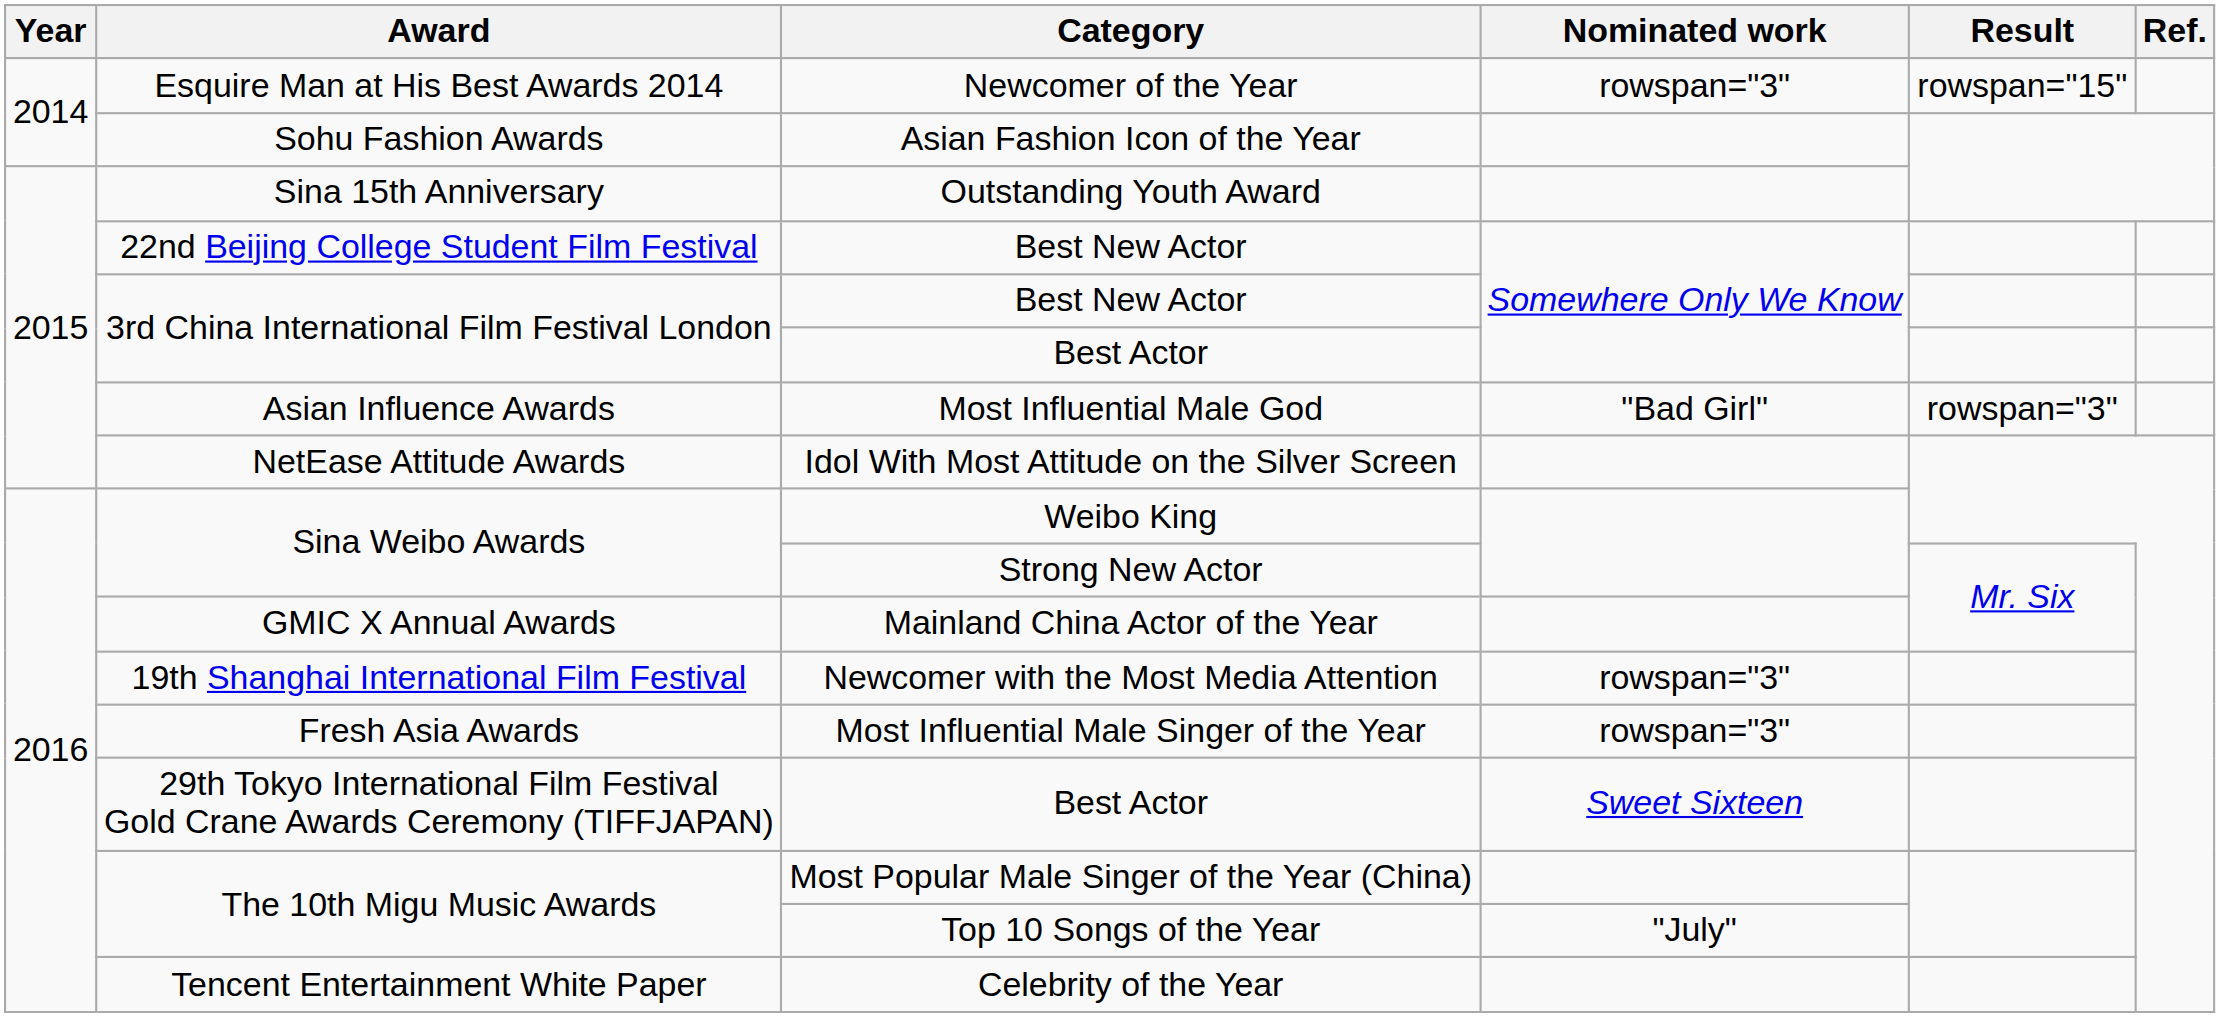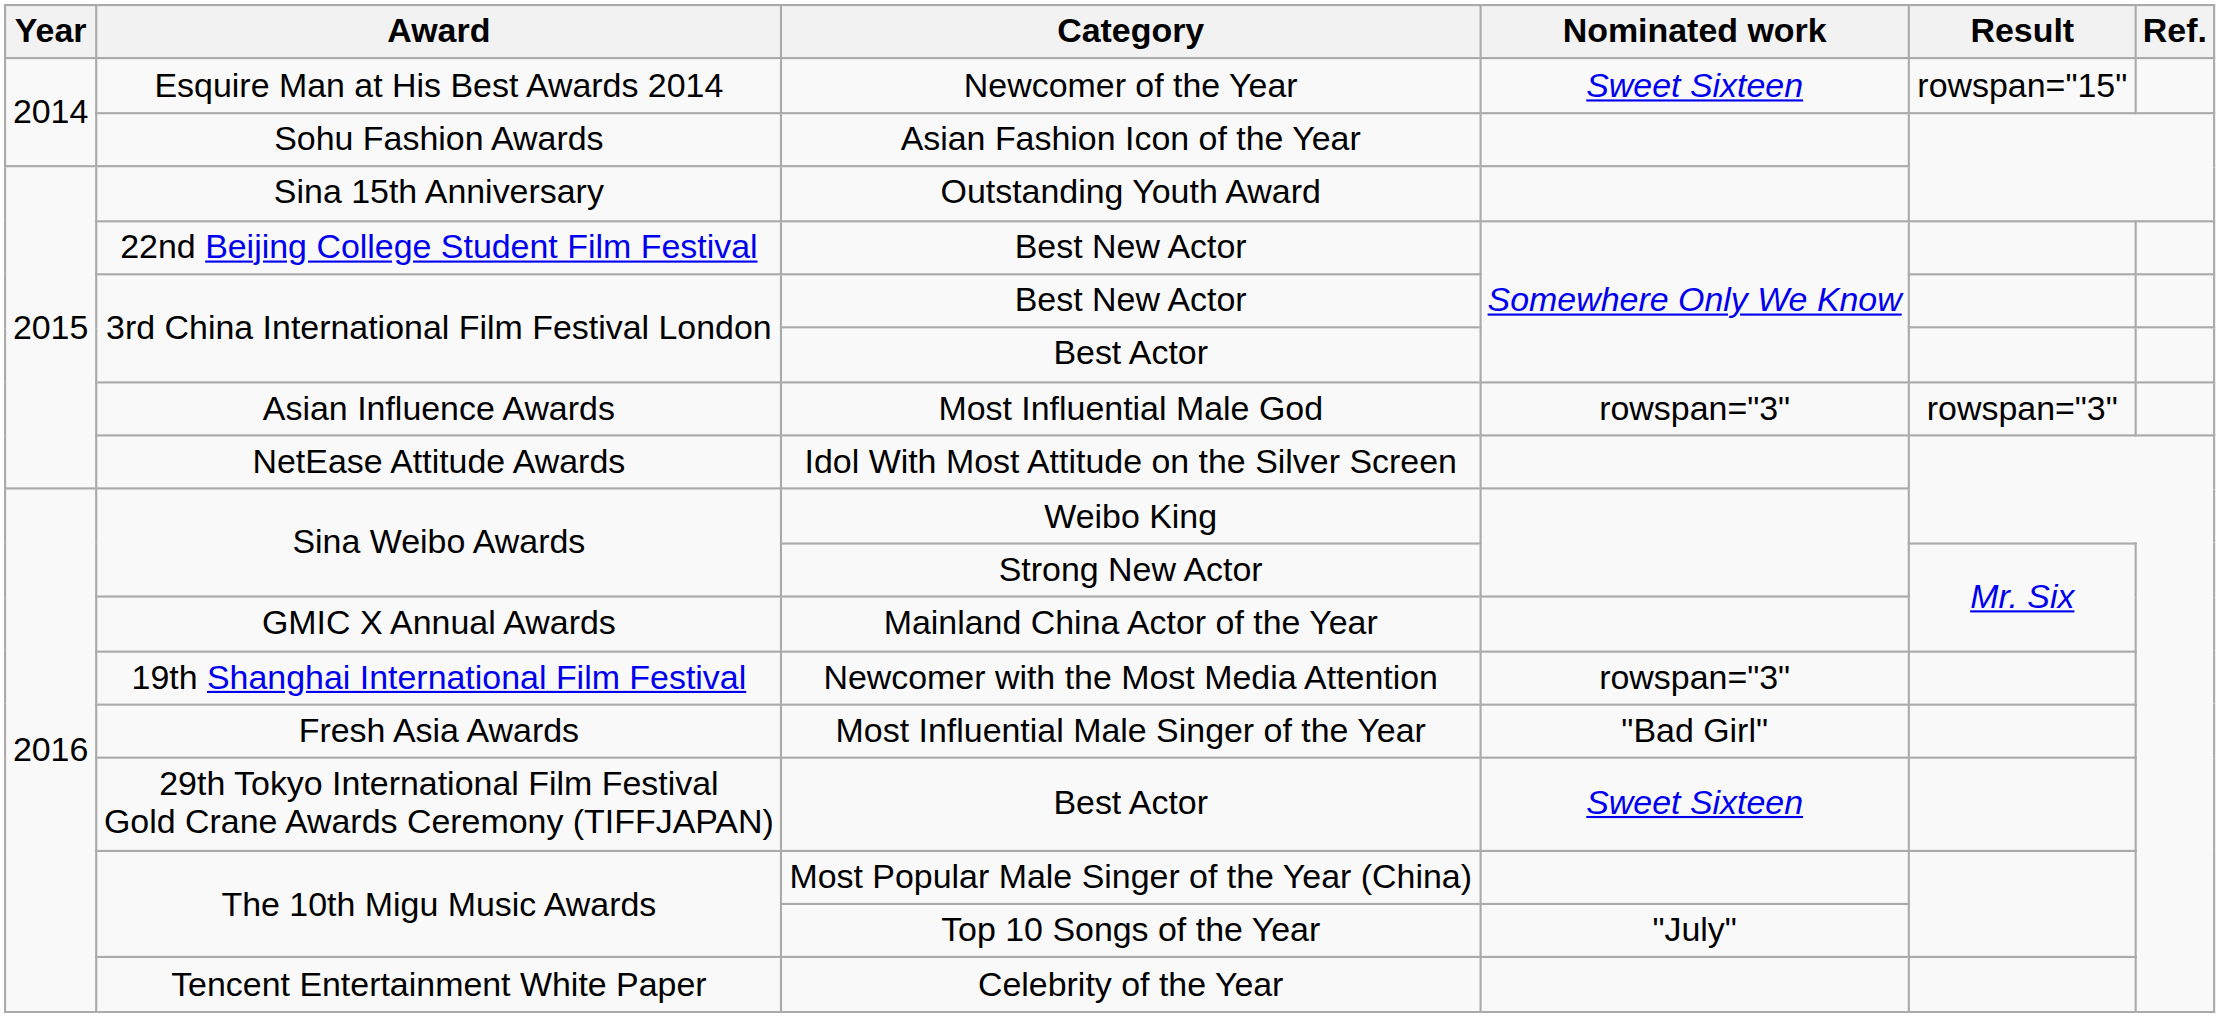 <table class="wikitable" style="text-align:center;">
 <tr>
 <th>Year</th>
 <th>Award</th>
 <th>Category</th>
 <th>Nominated work</th>
 <th>Result</th>
 <th>Ref.</th>
 </tr>
 <tr>
 <td rowspan=2>2014</td>
 <td>Esquire Man at His Best Awards 2014</td>
 <td>Newcomer of the Year</td>
-<td>rowspan="3" </td>
+<td><em><a href='#'>Sweet Sixteen</a></em></td>
 <td>rowspan="15" </td>
 <td></td>
 </tr>
 <tr>
 <td>Sohu Fashion Awards</td>
 <td>Asian Fashion Icon of the Year</td>
 <td></td>
 </tr>
 <tr>
 <td rowspan="6">2015</td>
 <td>Sina 15th Anniversary</td>
 <td>Outstanding Youth Award</td>
 <td></td>
 </tr>
 <tr>
 <td>22nd <a href='#'>Beijing College Student Film Festival</a></td>
 <td>Best New Actor</td>
 <td rowspan="3"><em><a href='#'>Somewhere Only We Know</a></em></td>
 <td></td>
 <td></td>
 </tr>
 <tr>
 <td rowspan="2">3rd China International Film Festival London</td>
 <td>Best New Actor</td>
 <td></td>
 <td></td>
 </tr>
 <tr>
 <td>Best Actor</td>
 <td></td>
 <td></td>
 </tr>
 <tr>
 <td>Asian Influence Awards</td>
 <td>Most Influential Male God</td>
-<td>"Bad Girl"</td>
+<td>rowspan="3" </td>
 <td>rowspan="3" </td>
 <td></td>
 </tr>
 <tr>
 <td>NetEase Attitude Awards</td>
 <td>Idol With Most Attitude on the Silver Screen</td>
 <td></td>
 </tr>
 <tr>
 <td rowspan="9">2016</td>
 <td rowspan="2">Sina Weibo Awards</td>
 <td>Weibo King</td>
 <td rowspan=2></td>
 </tr>
 <tr>
 <td>Strong New Actor</td>
 <td rowspan="2"><em><a href='#'>Mr. Six</a></em></td>
 </tr>
 <tr>
 <td>GMIC X Annual Awards</td>
 <td>Mainland China Actor of the Year</td>
 <td></td>
 </tr>
 <tr>
 <td>19th <a href='#'>Shanghai International Film Festival</a></td>
 <td>Newcomer with the Most Media Attention</td>
 <td>rowspan="3" </td>
 <td></td>
 </tr>
 <tr>
 <td rowspan="1">Fresh Asia Awards</td>
 <td>Most Influential Male Singer of the Year</td>
-<td>rowspan="3" </td>
+<td>"Bad Girl"</td>
 <td></td>
 </tr>
 <tr>
 <td>29th Tokyo International Film Festival<br>Gold Crane Awards Ceremony (TIFFJAPAN)</td>
 <td>Best Actor</td>
 <td><em><a href='#'>Sweet Sixteen</a></em></td>
 <td></td>
 </tr>
 <tr>
 <td rowspan="2">The 10th Migu Music Awards</td>
 <td>Most Popular Male Singer of the Year (China)</td>
 <td></td>
 <td rowspan=2></td>
 </tr>
 <tr>
 <td>Top 10 Songs of the Year</td>
 <td>"July"</td>
 </tr>
 <tr>
 <td>Tencent Entertainment White Paper</td>
 <td>Celebrity of the Year</td>
 <td></td>
 <td></td>
 </tr>
 </table>
